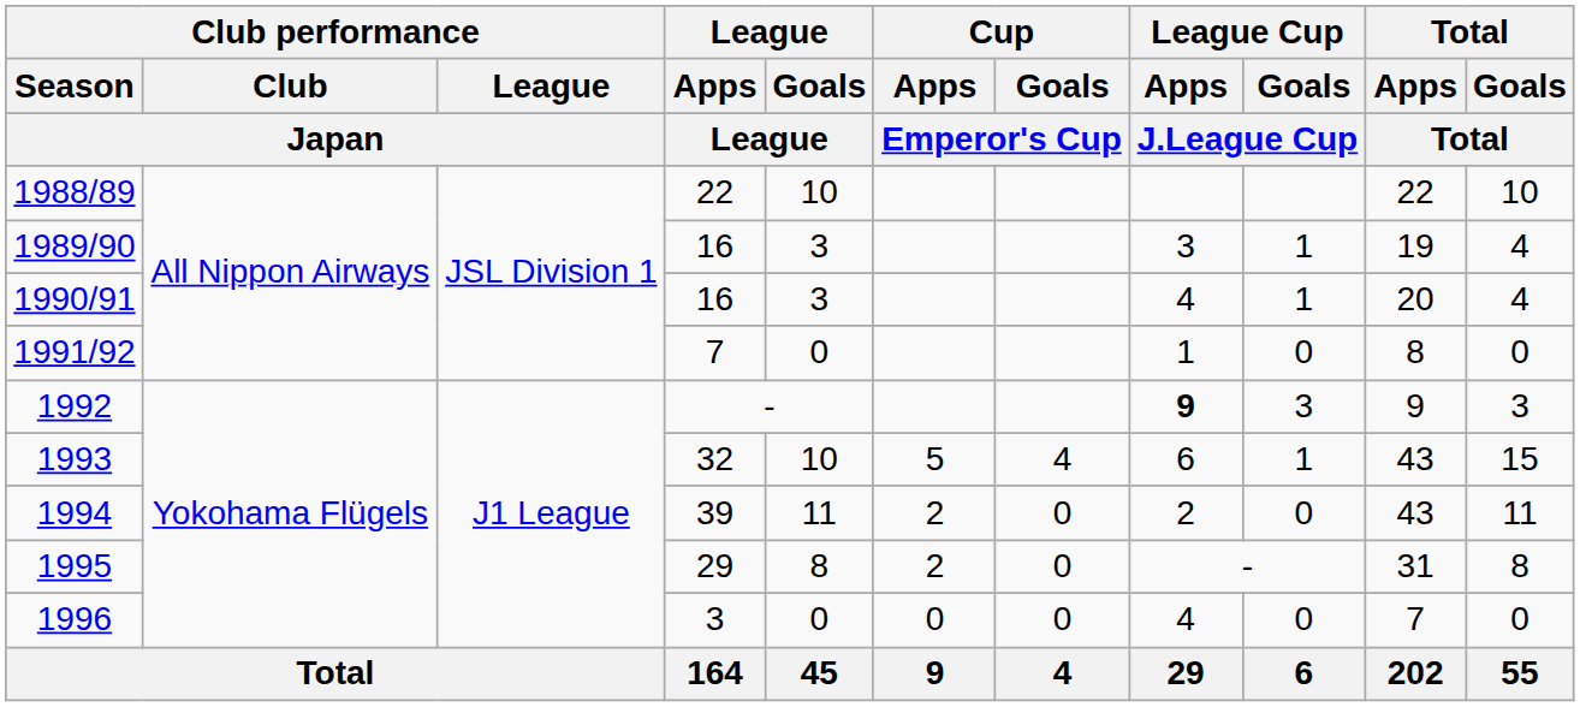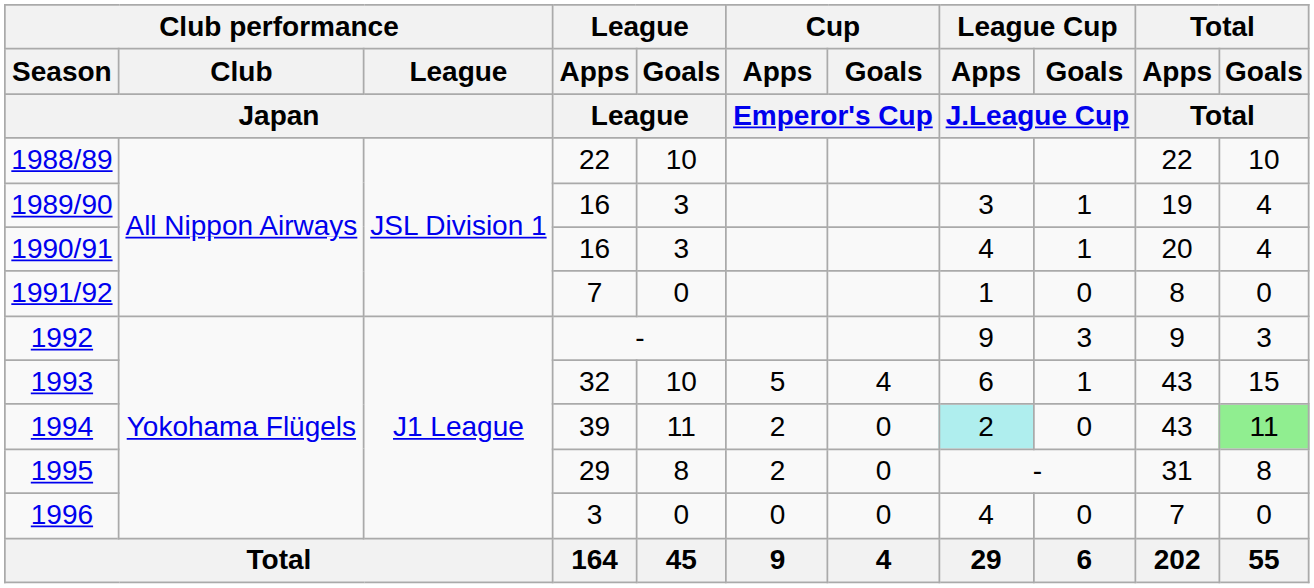 <table class="wikitable" style="text-align:center;">
 <tr>
 <th colspan=3>Club performance</th>
 <th colspan=2>League</th>
 <th colspan=2>Cup</th>
 <th colspan=2>League Cup</th>
 <th colspan=2>Total</th>
 </tr>
 <tr>
 <th>Season</th>
 <th>Club</th>
 <th>League</th>
 <th>Apps</th>
 <th>Goals</th>
 <th>Apps</th>
 <th>Goals</th>
 <th>Apps</th>
 <th>Goals</th>
 <th>Apps</th>
 <th>Goals</th>
 </tr>
 <tr>
 <th colspan=3>Japan</th>
 <th colspan=2>League</th>
 <th colspan=2><a href='#'>Emperor's Cup</a></th>
 <th colspan=2><a href='#'>J.League Cup</a></th>
 <th colspan=2>Total</th>
 </tr>
 <tr>
 <td><a href='#'>1988/89</a></td>
 <td rowspan=4><a href='#'>All Nippon Airways</a></td>
 <td rowspan=4><a href='#'>JSL Division 1</a></td>
 <td>22</td>
 <td>10</td>
 <td></td>
 <td></td>
 <td></td>
 <td></td>
 <td>22</td>
 <td>10</td>
 </tr>
 <tr>
 <td><a href='#'>1989/90</a></td>
 <td>16</td>
 <td>3</td>
 <td></td>
 <td></td>
 <td>3</td>
 <td>1</td>
 <td>19</td>
 <td>4</td>
 </tr>
 <tr>
 <td><a href='#'>1990/91</a></td>
 <td>16</td>
 <td>3</td>
 <td></td>
 <td></td>
 <td>4</td>
 <td>1</td>
 <td>20</td>
 <td>4</td>
 </tr>
 <tr>
 <td><a href='#'>1991/92</a></td>
 <td>7</td>
 <td>0</td>
 <td></td>
 <td></td>
 <td>1</td>
 <td>0</td>
 <td>8</td>
 <td>0</td>
 </tr>
 <tr>
 <td><a href='#'>1992</a></td>
 <td rowspan=5><a href='#'>Yokohama Flügels</a></td>
 <td rowspan=5><a href='#'>J1 League</a></td>
 <td colspan=2>-</td>
 <td></td>
 <td></td>
-<td><strong>9</strong></td>
+<td>9</td>
 <td>3</td>
 <td>9</td>
 <td>3</td>
 </tr>
 <tr>
 <td><a href='#'>1993</a></td>
 <td>32</td>
 <td>10</td>
 <td>5</td>
 <td>4</td>
 <td>6</td>
 <td>1</td>
 <td>43</td>
 <td>15</td>
 </tr>
 <tr>
 <td><a href='#'>1994</a></td>
 <td>39</td>
 <td>11</td>
 <td>2</td>
 <td>0</td>
-<td>2</td>
+<td style="background: paleturquoise;">2</td>
 <td>0</td>
 <td>43</td>
-<td>11</td>
+<td style="background: lightgreen;">11</td>
 </tr>
 <tr>
 <td><a href='#'>1995</a></td>
 <td>29</td>
 <td>8</td>
 <td>2</td>
 <td>0</td>
 <td colspan=2>-</td>
 <td>31</td>
 <td>8</td>
 </tr>
 <tr>
 <td><a href='#'>1996</a></td>
 <td>3</td>
 <td>0</td>
 <td>0</td>
 <td>0</td>
 <td>4</td>
 <td>0</td>
 <td>7</td>
 <td>0</td>
 </tr>
 <tr>
 <th colspan=3>Total</th>
 <th>164</th>
 <th>45</th>
 <th>9</th>
 <th>4</th>
 <th>29</th>
 <th>6</th>
 <th>202</th>
 <th>55</th>
 </tr>
 </table>
